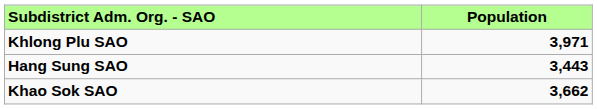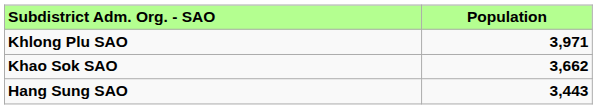 <table class="wikitable" style="width:48%; display:inline-table;">
 <tr>
 <td style= "background: #b4ff90;"><strong>Subdistrict Adm. Org. - SAO</strong></td>
 <td style= "background: #b4ff90; text-align:center;"><strong>Population</strong></td>
 </tr>
 <tr>
 <td><strong>Khlong Plu SAO</strong></td>
 <td style="text-align:right;"><strong>3,971</strong></td>
 </tr>
 <tr>
+<td><strong>Khao Sok SAO</strong></td>
+<td style="text-align:right;"><strong>3,662</strong></td>
+</tr>
+<tr>
 <td><strong>Hang Sung SAO</strong></td>
 <td style="text-align:right;"><strong>3,443</strong></td>
 </tr>
-<tr>
-<td><strong>Khao Sok SAO</strong></td>
-<td style="text-align:right;"><strong>3,662</strong></td>
-</tr>
 </table>
